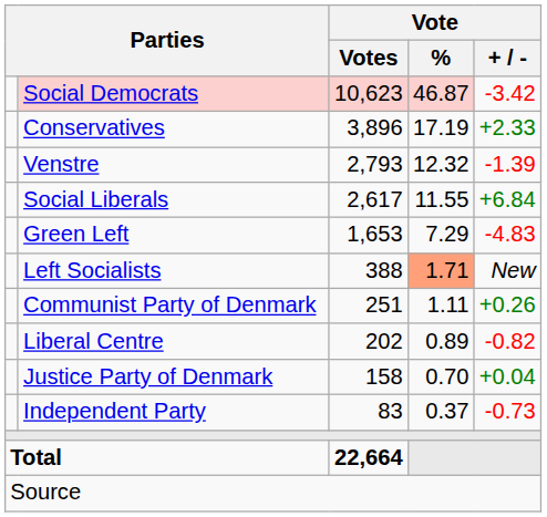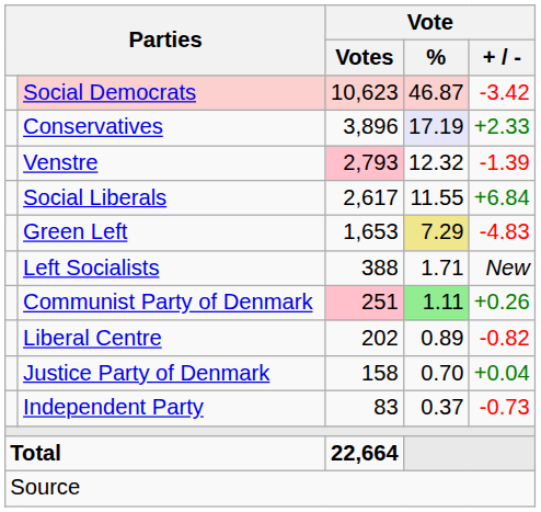 <table class="wikitable" style="text-align:right;">
 <tr>
 <th style="text-align:centre;" rowspan="2" colspan="2" width="225">Parties</th>
 <th colspan="3">Vote</th>
 </tr>
 <tr>
 <th width="15">Votes</th>
 <th width="15">%</th>
 <th width="15">+ / -</th>
 </tr>
 <tr>
 <td width="2" style="color:inherit;background:"></td>
 <td bgcolor=#fbd0ce  align="left"><a href='#'>Social Democrats</a></td>
 <td bgcolor=#fbd0ce>10,623</td>
 <td bgcolor=#fbd0ce>46.87</td>
 <td style=color:red;>-3.42</td>
 </tr>
 <tr>
 <td width="2" style="color:inherit;background:"></td>
 <td align="left"><a href='#'>Conservatives</a></td>
 <td>3,896</td>
-<td>17.19</td>
+<td style="background: lavender;">17.19</td>
 <td style=color:green;>+2.33</td>
 </tr>
 <tr>
 <td width="2" style="color:inherit;background:"></td>
 <td align="left"><a href='#'>Venstre</a></td>
-<td>2,793</td>
+<td style="background: pink;">2,793</td>
 <td>12.32</td>
 <td style=color:red;>-1.39</td>
 </tr>
 <tr>
 <td width="2" style="color:inherit;background:"></td>
 <td align="left"><a href='#'>Social Liberals</a></td>
 <td>2,617</td>
 <td>11.55</td>
 <td style=color:green;>+6.84</td>
 </tr>
 <tr>
 <td width="2" style="color:inherit;background:"></td>
 <td align="left"><a href='#'>Green Left</a></td>
 <td>1,653</td>
-<td>7.29</td>
+<td style="background: khaki;">7.29</td>
 <td style=color:red;>-4.83</td>
 </tr>
 <tr>
 <td width="2" style="color:inherit;background:"></td>
 <td align="left"><a href='#'>Left Socialists</a></td>
 <td>388</td>
-<td style="background: lightsalmon;">1.71</td>
+<td>1.71</td>
 <td><em>New</em></td>
 </tr>
 <tr>
 <td width="2" style="color:inherit;background:"></td>
 <td align="left"><a href='#'>Communist Party of Denmark</a></td>
-<td>251</td>
-<td>1.11</td>
+<td style="background: pink;">251</td>
+<td style="background: lightgreen;">1.11</td>
 <td style=color:green;>+0.26</td>
 </tr>
 <tr>
 <td width="2" style="color:inherit;background:"></td>
 <td align="left"><a href='#'>Liberal Centre</a></td>
 <td>202</td>
 <td>0.89</td>
 <td style=color:red;>-0.82</td>
 </tr>
 <tr>
 <td width="2" style="color:inherit;background:"></td>
 <td align="left"><a href='#'>Justice Party of Denmark</a></td>
 <td>158</td>
 <td>0.70</td>
 <td style=color:green;>+0.04</td>
 </tr>
 <tr>
 <td width="2" style="color:inherit;background:"></td>
 <td align="left"><a href='#'>Independent Party</a></td>
 <td>83</td>
 <td>0.37</td>
 <td style=color:red;>-0.73</td>
 </tr>
 <tr>
 <td colspan="7" bgcolor="#E9E9E9"></td>
 </tr>
 <tr>
 <td align="left" colspan="2"><strong>Total</strong></td>
 <td><strong>22,664</strong></td>
 <td bgcolor="#E9E9E9" colspan="2"></td>
 </tr>
 <tr>
 <td align="left" colspan="6">Source</td>
 </tr>
 </table>
